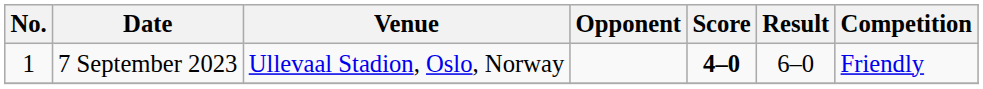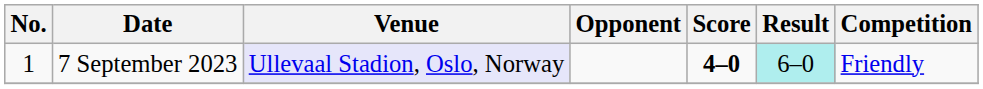 <table class="wikitable sortable">
 <tr>
 <th scope="col">No.</th>
 <th scope="col">Date</th>
 <th scope="col">Venue</th>
 <th scope="col">Opponent</th>
 <th scope="col">Score</th>
 <th scope="col">Result</th>
 <th scope="col">Competition</th>
 </tr>
 <tr>
 <td style="text-align:center">1</td>
 <td>7 September 2023</td>
-<td><a href='#'>Ullevaal Stadion</a>, <a href='#'>Oslo</a>, Norway</td>
+<td style="background: lavender;"><a href='#'>Ullevaal Stadion</a>, <a href='#'>Oslo</a>, Norway</td>
 <td></td>
 <td style="text-align:center"><strong>4–0</strong></td>
-<td style="text-align:center">6–0</td>
+<td style="background: paleturquoise; text-align:center">6–0</td>
 <td><a href='#'>Friendly</a></td>
 </tr>
 <tr>
 </tr>
 </table>
